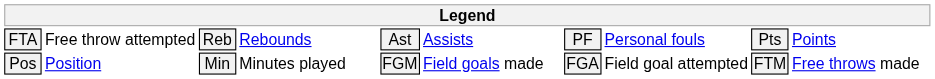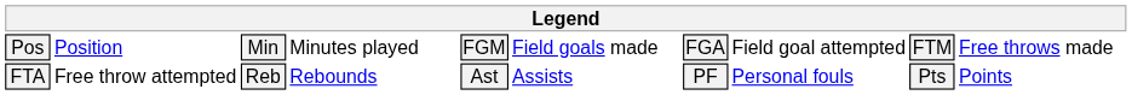 <table class="toccolours" style="font-size:90%; white-space:nowrap">
 <tr>
 <th colspan="10" style="background-color:#F2F2F2; border: 1px solid #AAAAAA">Legend</th>
+</tr>
+<tr>
+<td width="30px" style="text-align:center; background-color:#F2F2F2; border:1px solid black">Pos</td>
+<td width="125px"><a href='#'>Position</a></td>
+<td width="30px" style="text-align:center; background-color:#F2F2F2; border:1px solid black">Min</td>
+<td width="125px">Minutes played</td>
+<td width="30px" style="text-align:center; background-color:#F2F2F2; border:1px solid black">FGM</td>
+<td width="125px"><a href='#'>Field goals</a> made</td>
+<td width="30px" style="text-align:center; background-color:#F2F2F2; border:1px solid black">FGA</td>
+<td width="125px">Field goal attempted</td>
+<td width="30px" style="text-align:center; background-color:#F2F2F2; border:1px solid black">FTM</td>
+<td width="125px"><a href='#'>Free throws</a> made</td>
 </tr>
 <tr>
 <td style="text-align:center; background-color:#F2F2F2; border:1px solid black">FTA</td>
 <td>Free throw attempted</td>
 <td style="text-align:center; background-color:#F2F2F2; border:1px solid black">Reb</td>
 <td><a href='#'>Rebounds</a></td>
 <td style="text-align:center; background-color:#F2F2F2; border:1px solid black">Ast</td>
 <td><a href='#'>Assists</a></td>
 <td style="text-align:center; background-color:#F2F2F2; border:1px solid black">PF</td>
 <td><a href='#'>Personal fouls</a></td>
 <td style="text-align:center; background-color:#F2F2F2; border:1px solid black">Pts</td>
 <td><a href='#'>Points</a></td>
 </tr>
-<tr>
-<td width="30px" style="text-align:center; background-color:#F2F2F2; border:1px solid black">Pos</td>
-<td width="125px"><a href='#'>Position</a></td>
-<td width="30px" style="text-align:center; background-color:#F2F2F2; border:1px solid black">Min</td>
-<td width="125px">Minutes played</td>
-<td width="30px" style="text-align:center; background-color:#F2F2F2; border:1px solid black">FGM</td>
-<td width="125px"><a href='#'>Field goals</a> made</td>
-<td width="30px" style="text-align:center; background-color:#F2F2F2; border:1px solid black">FGA</td>
-<td width="125px">Field goal attempted</td>
-<td width="30px" style="text-align:center; background-color:#F2F2F2; border:1px solid black">FTM</td>
-<td width="125px"><a href='#'>Free throws</a> made</td>
-</tr>
 </table>
